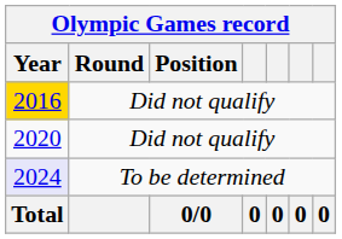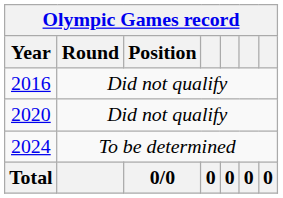 <table class="wikitable" style="text-align: center;">
 <tr>
 <th colspan=7><a href='#'>Olympic Games record</a></th>
 </tr>
 <tr>
 <th>Year</th>
 <th>Round</th>
 <th>Position</th>
 <th></th>
 <th></th>
 <th></th>
 <th></th>
 </tr>
 <tr>
-<td style="background: gold;"> <a href='#'>2016</a></td>
+<td> <a href='#'>2016</a></td>
 <td colspan="6" rowspan=1><em>Did not qualify</em></td>
 </tr>
 <tr>
 <td> <a href='#'>2020</a></td>
 <td colspan="6" rowspan=1><em>Did not qualify</em></td>
 </tr>
 <tr>
-<td style="background: lavender;"> <a href='#'>2024</a></td>
+<td> <a href='#'>2024</a></td>
 <td colspan="6" rowspan=1><em>To be determined</em></td>
 </tr>
 <tr>
 <th>Total</th>
 <th></th>
 <th>0/0</th>
 <th>0</th>
 <th>0</th>
 <th>0</th>
 <th>0</th>
 </tr>
 </table>
